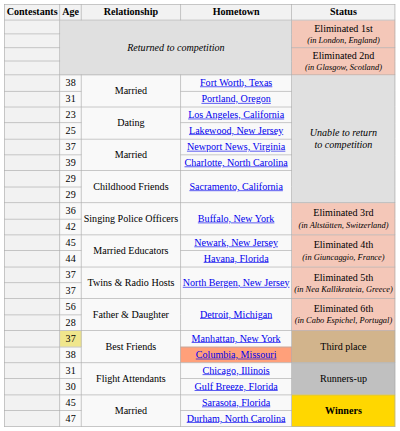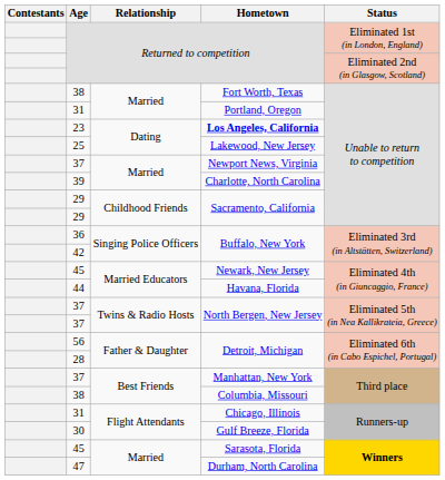 <table class="wikitable sortable" style="text-align:center;">
 <tr>
 <th scope="col">Contestants</th>
 <th scope="col">Age</th>
 <th scope="col" class="unsortable">Relationship</th>
 <th class="unsortable" scope="col">Hometown</th>
 <th scope="col">Status</th>
 </tr>
 <tr>
 <th scope="row" style="text-align:center;font-weight:normal"><em></em></th>
 <td colspan="3" rowspan="4" bgcolor="e0e0e0"><em>Returned to competition</em></td>
 <td rowspan="2" bgcolor="f4c7b8">Eliminated 1st<br><small><em>(in London, England)</em></small></td>
 </tr>
 <tr>
 <th scope="row" style="text-align:center;font-weight:normal"><em></em></th>
 </tr>
 <tr>
 <th scope="row" style="text-align:center;font-weight:normal"><em></em></th>
 <td rowspan="2" bgcolor="f4c7b8">Eliminated 2nd<br><small><em>(in Glasgow, Scotland)</em></small></td>
 </tr>
 <tr>
 <th scope="row" style="text-align:center;font-weight:normal"><em></em></th>
 </tr>
 <tr>
 <th scope="row"></th>
 <td>38</td>
 <td rowspan="2">Married</td>
 <td><a href='#'>Fort Worth, Texas</a></td>
 <td rowspan="8" bgcolor="e0e0e0"><em>Unable to return<br>to competition</em></td>
 </tr>
 <tr>
 <th scope="row"></th>
 <td>31</td>
 <td><a href='#'>Portland, Oregon</a></td>
 </tr>
 <tr>
 <th scope="row"></th>
 <td>23</td>
 <td rowspan="2">Dating</td>
-<td><a href='#'>Los Angeles, California</a></td>
+<td><strong><a href='#'>Los Angeles, California</a></strong></td>
 </tr>
 <tr>
 <th scope="row"></th>
 <td>25</td>
 <td><a href='#'>Lakewood, New Jersey</a></td>
 </tr>
 <tr>
 <th scope="row"></th>
 <td>37</td>
 <td rowspan="2">Married</td>
 <td><a href='#'>Newport News, Virginia</a></td>
 </tr>
 <tr>
 <th scope="row"></th>
 <td>39</td>
 <td><a href='#'>Charlotte, North Carolina</a></td>
 </tr>
 <tr>
 <th scope="row"></th>
 <td>29</td>
 <td rowspan="2">Childhood Friends</td>
 <td rowspan="2"><a href='#'>Sacramento, California</a></td>
 </tr>
 <tr>
 <th scope="row"></th>
 <td>29</td>
 </tr>
 <tr>
 <th scope="row"></th>
 <td>36</td>
 <td rowspan="2">Singing Police Officers</td>
 <td rowspan="2"><a href='#'>Buffalo, New York</a></td>
 <td rowspan="2" bgcolor="f4c7b8">Eliminated 3rd<br><small><em>(in Altstätten, Switzerland)</em></small></td>
 </tr>
 <tr>
 <th scope="row"></th>
 <td>42</td>
 </tr>
 <tr>
 <th scope="row"></th>
 <td>45</td>
 <td rowspan="2">Married Educators</td>
 <td><a href='#'>Newark, New Jersey</a></td>
 <td rowspan="2" bgcolor="f4c7b8">Eliminated 4th<br><small><em>(in Giuncaggio, France)</em></small></td>
 </tr>
 <tr>
 <th scope="row"></th>
 <td>44</td>
 <td><a href='#'>Havana, Florida</a></td>
 </tr>
 <tr>
 <th scope="row"></th>
 <td>37</td>
 <td rowspan="2">Twins & Radio Hosts</td>
 <td rowspan="2"><a href='#'>North Bergen, New Jersey</a></td>
 <td rowspan="2" bgcolor="f4c7b8">Eliminated 5th<br><small><em>(in Nea Kallikrateia, Greece)</em></small></td>
 </tr>
 <tr>
 <th scope="row"></th>
 <td>37</td>
 </tr>
 <tr>
 <th scope="row"></th>
 <td>56</td>
 <td rowspan="2">Father & Daughter</td>
 <td rowspan="2"><a href='#'>Detroit, Michigan</a></td>
 <td rowspan="2" bgcolor="f4c7b8">Eliminated 6th<br><small><em>(in Cabo Espichel, Portugal)</em></small></td>
 </tr>
 <tr>
 <th scope="row"></th>
 <td>28</td>
 </tr>
 <tr>
 <th scope="row"></th>
-<td style="background: khaki;">37</td>
+<td>37</td>
 <td rowspan="2">Best Friends</td>
 <td><a href='#'>Manhattan, New York</a></td>
 <td rowspan="2" bgcolor="tan">Third place</td>
 </tr>
 <tr>
 <th scope="row"></th>
 <td>38</td>
-<td style="background: lightsalmon;"><a href='#'>Columbia, Missouri</a></td>
+<td><a href='#'>Columbia, Missouri</a></td>
 </tr>
 <tr>
 <th scope="row"></th>
 <td>31</td>
 <td rowspan="2">Flight Attendants</td>
 <td><a href='#'>Chicago, Illinois</a></td>
 <td rowspan="2" bgcolor="silver">Runners-up</td>
 </tr>
 <tr>
 <th scope="row"></th>
 <td>30</td>
 <td><a href='#'>Gulf Breeze, Florida</a></td>
 </tr>
 <tr>
 <th scope="row"></th>
 <td>45</td>
 <td rowspan="2">Married</td>
 <td><a href='#'>Sarasota, Florida</a></td>
 <td rowspan="2" bgcolor="gold"><strong>Winners</strong></td>
 </tr>
 <tr>
 <th scope="row"></th>
 <td>47</td>
 <td><a href='#'>Durham, North Carolina</a></td>
 </tr>
 </table>
